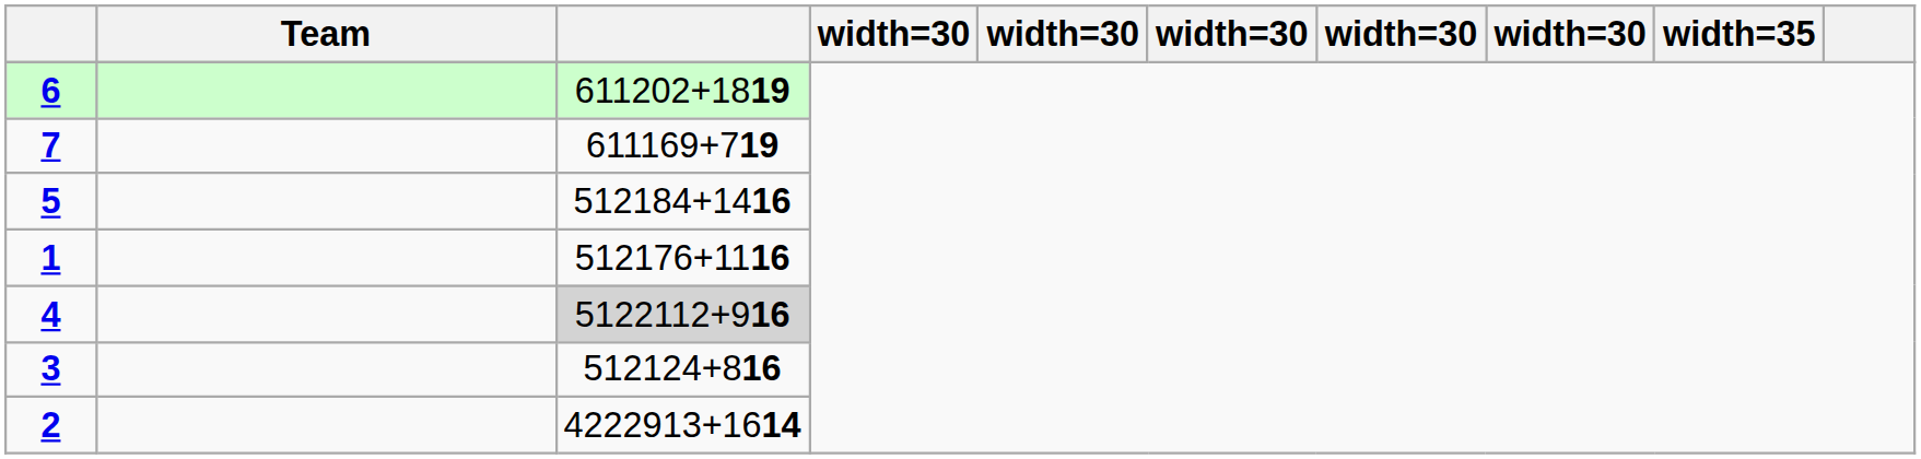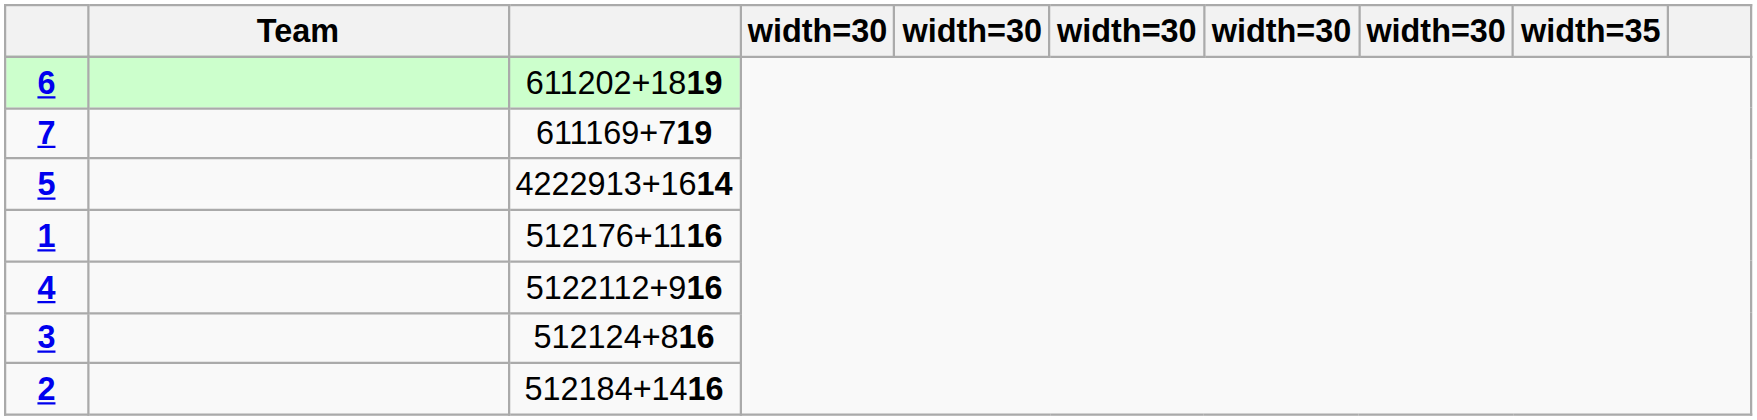 <table class="wikitable" style="text-align: center; font-size: 90%;">
 <tr>
 <th width=30></th>
 <th width=180>Team</th>
 <th width=30></th>
 <th>width=30</th>
 <th>width=30</th>
 <th>width=30</th>
 <th>width=30</th>
 <th>width=30</th>
 <th>width=35</th>
 <th width=30></th>
 </tr>
 <tr>
 </tr>
 <tr bgcolor=ccffcc>
 <td><strong><a href='#'>6</a></strong></td>
 <td align="left"></td>
 <td 8>611202+18<strong>19</strong></td>
 </tr>
 <tr>
 <td><strong><a href='#'>7</a></strong></td>
 <td align="left"></td>
 <td 8>611169+7<strong>19</strong></td>
 </tr>
 <tr>
 <td><strong><a href='#'>5</a></strong></td>
 <td align="left"></td>
-<td 8>512184+14<strong>16</strong></td>
+<td 8>4222913+16<strong>14</strong></td>
 </tr>
 <tr>
 <td><strong><a href='#'>1</a></strong></td>
 <td align="left"></td>
 <td 8>512176+11<strong>16</strong></td>
 </tr>
 <tr>
 <td><strong><a href='#'>4</a></strong></td>
 <td align="left"></td>
-<td 8 style="background: lightgrey;">5122112+9<strong>16</strong></td>
+<td 8>5122112+9<strong>16</strong></td>
 </tr>
 <tr>
 <td><strong><a href='#'>3</a></strong></td>
 <td align="left"></td>
 <td 8>512124+8<strong>16</strong></td>
 </tr>
 <tr>
 <td><strong><a href='#'>2</a></strong></td>
 <td align="left"></td>
-<td 8>4222913+16<strong>14</strong></td>
+<td 8>512184+14<strong>16</strong></td>
 </tr>
 </table>
